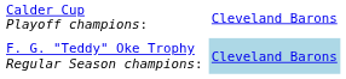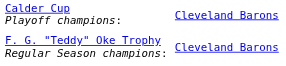 <table cellpadding="3" cellspacing="3">
 <tr>
 <td><a href='#'>Calder Cup</a><br><em>Playoff champions</em>:</td>
 <td><a href='#'>Cleveland Barons</a></td>
 </tr>
 <tr>
 <td><a href='#'>F. G. "Teddy" Oke Trophy</a><br><em>Regular Season champions</em>:</td>
-<td style="background: lightblue;"><a href='#'>Cleveland Barons</a></td>
+<td><a href='#'>Cleveland Barons</a></td>
 </tr>
 </table>
